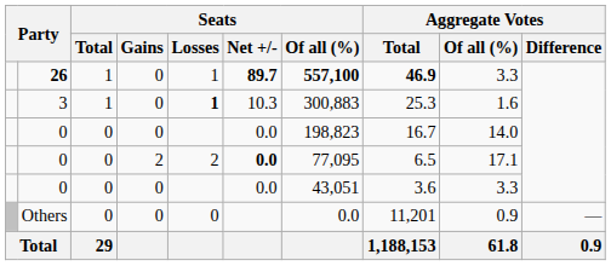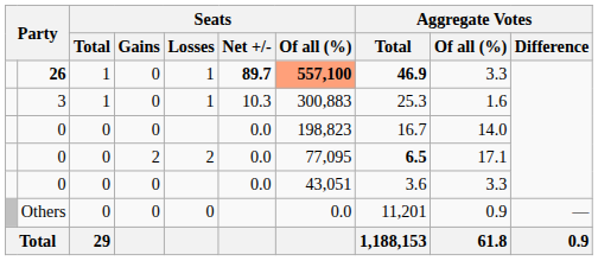 <table class="wikitable sortable" style="text-align:right; font-size:95%;">
 <tr>
 <th colspan="2" rowspan="2">Party</th>
 <th colspan="5">Seats</th>
 <th colspan="3">Aggregate Votes</th>
 </tr>
 <tr>
 <th>Total</th>
 <th>Gains</th>
 <th>Losses</th>
 <th>Net +/-</th>
 <th>Of all (%)</th>
 <th>Total</th>
 <th>Of all (%)</th>
 <th>Difference</th>
 </tr>
 <tr>
 <td></td>
 <td><strong>26</strong></td>
 <td>1</td>
 <td>0</td>
 <td>1</td>
 <td><strong>89.7</strong></td>
-<td><strong>557,100</strong></td>
+<td style="background: lightsalmon;"><strong>557,100</strong></td>
 <td><strong>46.9</strong></td>
 <td>3.3</td>
 </tr>
 <tr>
 <td></td>
 <td>3</td>
 <td>1</td>
 <td>0</td>
-<td><strong>1</strong></td>
+<td>1</td>
 <td>10.3</td>
 <td>300,883</td>
 <td>25.3</td>
 <td>1.6</td>
 </tr>
 <tr>
 <td></td>
 <td>0</td>
 <td>0</td>
 <td>0</td>
 <td></td>
 <td>0.0</td>
 <td>198,823</td>
 <td>16.7</td>
 <td>14.0</td>
 </tr>
 <tr>
 <td></td>
 <td>0</td>
 <td>0</td>
 <td>2</td>
 <td>2</td>
-<td><strong>0.0</strong></td>
+<td>0.0</td>
 <td>77,095</td>
-<td>6.5</td>
+<td><strong>6.5</strong></td>
 <td>17.1</td>
 </tr>
 <tr>
 <td></td>
 <td>0</td>
 <td>0</td>
 <td>0</td>
 <td></td>
 <td>0.0</td>
 <td>43,051</td>
 <td>3.6</td>
 <td>3.3</td>
 </tr>
 <tr>
 <td style="background:silver;"> </td>
 <td align=left>Others</td>
 <td>0</td>
 <td>0</td>
 <td>0</td>
 <td></td>
 <td>0.0</td>
 <td>11,201</td>
 <td>0.9</td>
 <td>—</td>
 </tr>
 <tr class="sortbottom">
 <th colspan="2" style="background:#f2f2f2"><strong>Total</strong></th>
 <td style="background:#f2f2f2;"><strong>29</strong></td>
 <td style="background:#f2f2f2;"></td>
 <td style="background:#f2f2f2;"></td>
 <td style="background:#f2f2f2;"></td>
 <td style="background:#f2f2f2;"></td>
 <td style="background:#f2f2f2;"><strong>1,188,153</strong></td>
 <td style="background:#f2f2f2;"><strong>61.8</strong></td>
 <td style="background:#f2f2f2;"><strong>0.9</strong></td>
 </tr>
 </table>
